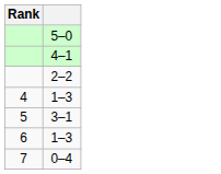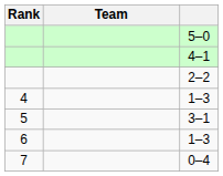 <table class=wikitable style="text-align:center;">
 <tr>
 <th>Rank</th>
+<th width=160px>Team</th>
 <th width=40px></th>
 </tr>
 <tr bgcolor=ccffcc>
 <td></td>
+<td align=left></td>
 <td>5–0</td>
 </tr>
 <tr bgcolor=ccffcc>
 <td></td>
+<td align=left></td>
 <td>4–1</td>
 </tr>
 <tr>
 <td></td>
+<td align=left></td>
 <td>2–2</td>
 </tr>
 <tr>
 <td>4</td>
+<td align=left></td>
 <td>1–3</td>
 </tr>
 <tr>
 <td>5</td>
+<td align=left></td>
 <td>3–1</td>
 </tr>
 <tr>
 <td>6</td>
+<td align=left></td>
 <td>1–3</td>
 </tr>
 <tr>
 <td>7</td>
+<td align=left></td>
 <td>0–4</td>
 </tr>
 </table>
